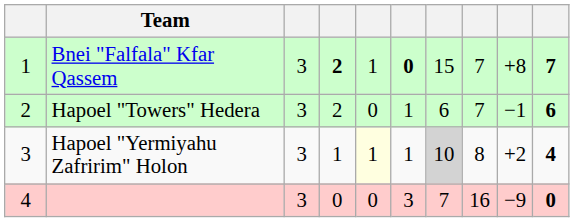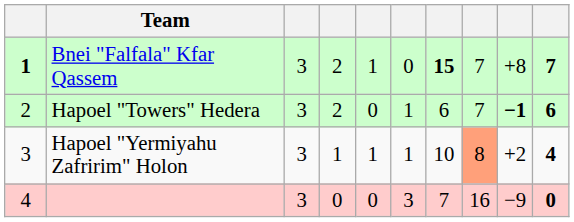 <table class="wikitable" style="text-align: center;">
 <tr>
 <th width="25"></th>
 <th width="175">Team</th>
 <th width="20"></th>
 <th width="20"></th>
 <th width="20"></th>
 <th width="20"></th>
 <th width="20"></th>
 <th width="20"></th>
 <th width="20"></th>
 <th width="20"></th>
 </tr>
 <tr style="background:#cfc;">
-<td>1</td>
+<td><strong>1</strong></td>
 <td align="left"><a href='#'>Bnei "Falfala" Kfar Qassem</a></td>
 <td>3</td>
-<td><strong>2</strong></td>
+<td>2</td>
 <td>1</td>
-<td><strong>0</strong></td>
-<td>15</td>
+<td>0</td>
+<td><strong>15</strong></td>
 <td>7</td>
 <td>+8</td>
 <td><strong>7</strong></td>
 </tr>
 <tr style="background:#cfc;">
 <td>2</td>
 <td align="left">Hapoel "Towers" Hedera</td>
 <td>3</td>
 <td>2</td>
 <td>0</td>
 <td>1</td>
 <td>6</td>
 <td>7</td>
-<td>−1</td>
+<td><strong>−1</strong></td>
 <td><strong>6</strong></td>
 </tr>
 <tr>
 <td>3</td>
 <td align="left">Hapoel "Yermiyahu Zafririm" Holon</td>
 <td>3</td>
 <td>1</td>
-<td style="background: lightyellow;">1</td>
 <td>1</td>
-<td style="background: lightgrey;">10</td>
-<td>8</td>
+<td>1</td>
+<td>10</td>
+<td style="background: lightsalmon;">8</td>
 <td>+2</td>
 <td><strong>4</strong></td>
 </tr>
 <tr style="background:#fcc;">
 <td>4</td>
 <td align="left"></td>
 <td>3</td>
 <td>0</td>
 <td>0</td>
 <td>3</td>
 <td>7</td>
 <td>16</td>
 <td>−9</td>
 <td><strong>0</strong></td>
 </tr>
 </table>
